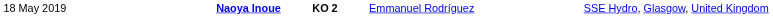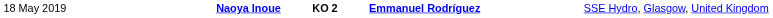 <table cellspacing="1" style="width:100%;">
 <tr>
 <th width="15%"></th>
 <th width="25%"></th>
 <th width="10%"></th>
 <th width="25%"></th>
 </tr>
 <tr style="font-size:100%">
 <td align="right">18 May 2019</td>
 <td align="right"><strong><a href='#'>Naoya Inoue</a> </strong></td>
 <td align="center"><strong>KO 2</strong></td>
-<td> <a href='#'>Emmanuel Rodríguez</a></td>
+<td><strong> <a href='#'>Emmanuel Rodríguez</a></strong></td>
 <td><a href='#'>SSE Hydro</a>, <a href='#'>Glasgow</a>, <a href='#'>United Kingdom</a></td>
 </tr>
 </table>
